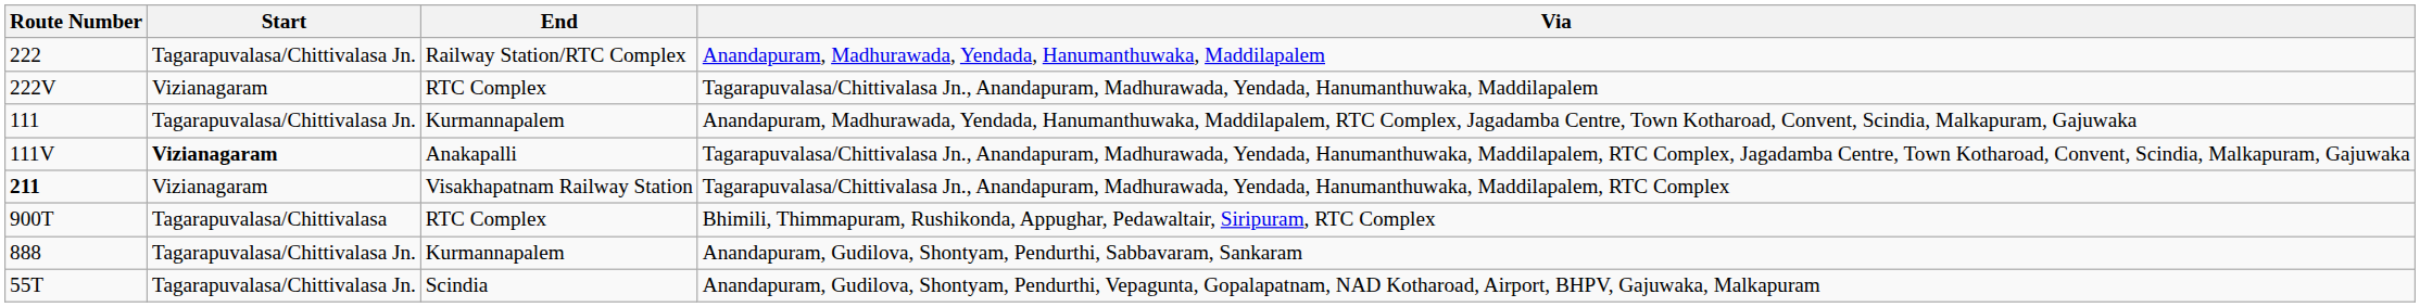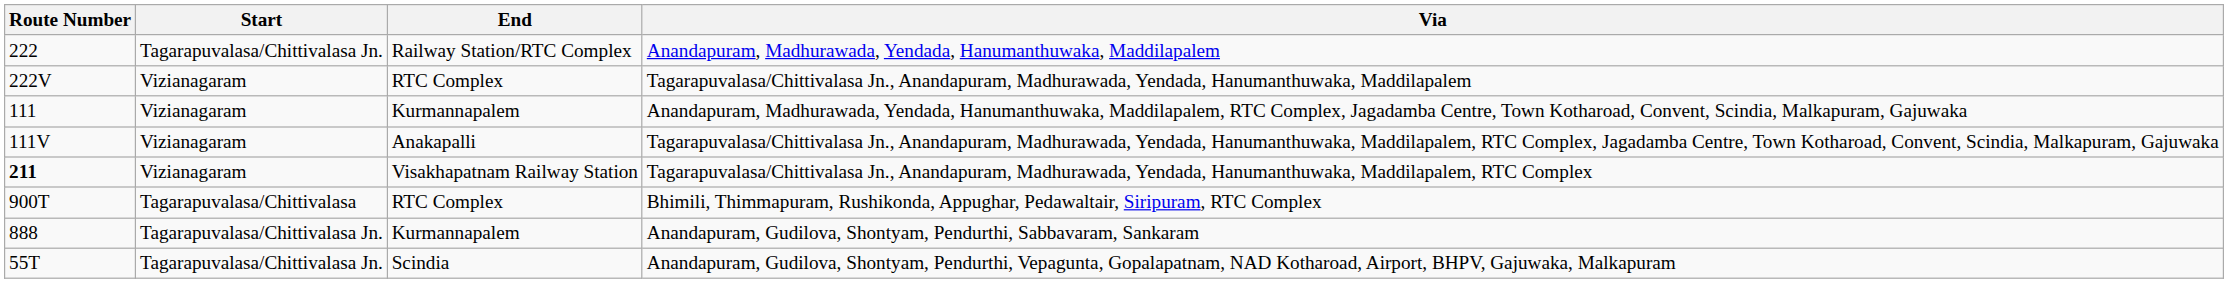 <table class="sortable wikitable">
 <tr>
 <th>Route Number</th>
 <th>Start</th>
 <th>End</th>
 <th>Via</th>
 </tr>
 <tr>
 <td>222</td>
 <td>Tagarapuvalasa/Chittivalasa Jn.</td>
 <td>Railway Station/RTC Complex</td>
 <td><a href='#'>Anandapuram</a>, <a href='#'>Madhurawada</a>, <a href='#'>Yendada</a>, <a href='#'>Hanumanthuwaka</a>, <a href='#'>Maddilapalem</a></td>
 </tr>
 <tr>
 <td>222V</td>
 <td>Vizianagaram</td>
 <td>RTC Complex</td>
 <td>Tagarapuvalasa/Chittivalasa Jn., Anandapuram, Madhurawada, Yendada, Hanumanthuwaka, Maddilapalem</td>
 </tr>
 <tr>
 <td>111</td>
-<td>Tagarapuvalasa/Chittivalasa Jn.</td>
+<td>Vizianagaram</td>
 <td>Kurmannapalem</td>
 <td>Anandapuram, Madhurawada, Yendada, Hanumanthuwaka, Maddilapalem, RTC Complex, Jagadamba Centre, Town Kotharoad, Convent, Scindia, Malkapuram, Gajuwaka</td>
 </tr>
 <tr>
 <td>111V</td>
-<td><strong>Vizianagaram</strong></td>
+<td>Vizianagaram</td>
 <td>Anakapalli</td>
 <td>Tagarapuvalasa/Chittivalasa Jn., Anandapuram, Madhurawada, Yendada, Hanumanthuwaka, Maddilapalem, RTC Complex, Jagadamba Centre, Town Kotharoad, Convent, Scindia, Malkapuram, Gajuwaka</td>
 </tr>
 <tr>
 <td><strong>211</strong></td>
 <td>Vizianagaram</td>
 <td>Visakhapatnam Railway Station</td>
 <td>Tagarapuvalasa/Chittivalasa Jn., Anandapuram, Madhurawada, Yendada, Hanumanthuwaka, Maddilapalem, RTC Complex</td>
 </tr>
 <tr>
 <td>900T</td>
 <td>Tagarapuvalasa/Chittivalasa</td>
 <td>RTC Complex</td>
 <td>Bhimili, Thimmapuram, Rushikonda, Appughar, Pedawaltair, <a href='#'>Siripuram</a>, RTC Complex</td>
 </tr>
 <tr>
 <td>888</td>
 <td>Tagarapuvalasa/Chittivalasa Jn.</td>
 <td>Kurmannapalem</td>
 <td>Anandapuram, Gudilova, Shontyam, Pendurthi, Sabbavaram, Sankaram</td>
 </tr>
 <tr>
 <td>55T</td>
 <td>Tagarapuvalasa/Chittivalasa Jn.</td>
 <td>Scindia</td>
 <td>Anandapuram, Gudilova, Shontyam, Pendurthi, Vepagunta, Gopalapatnam, NAD Kotharoad, Airport, BHPV, Gajuwaka, Malkapuram</td>
 </tr>
 </table>
